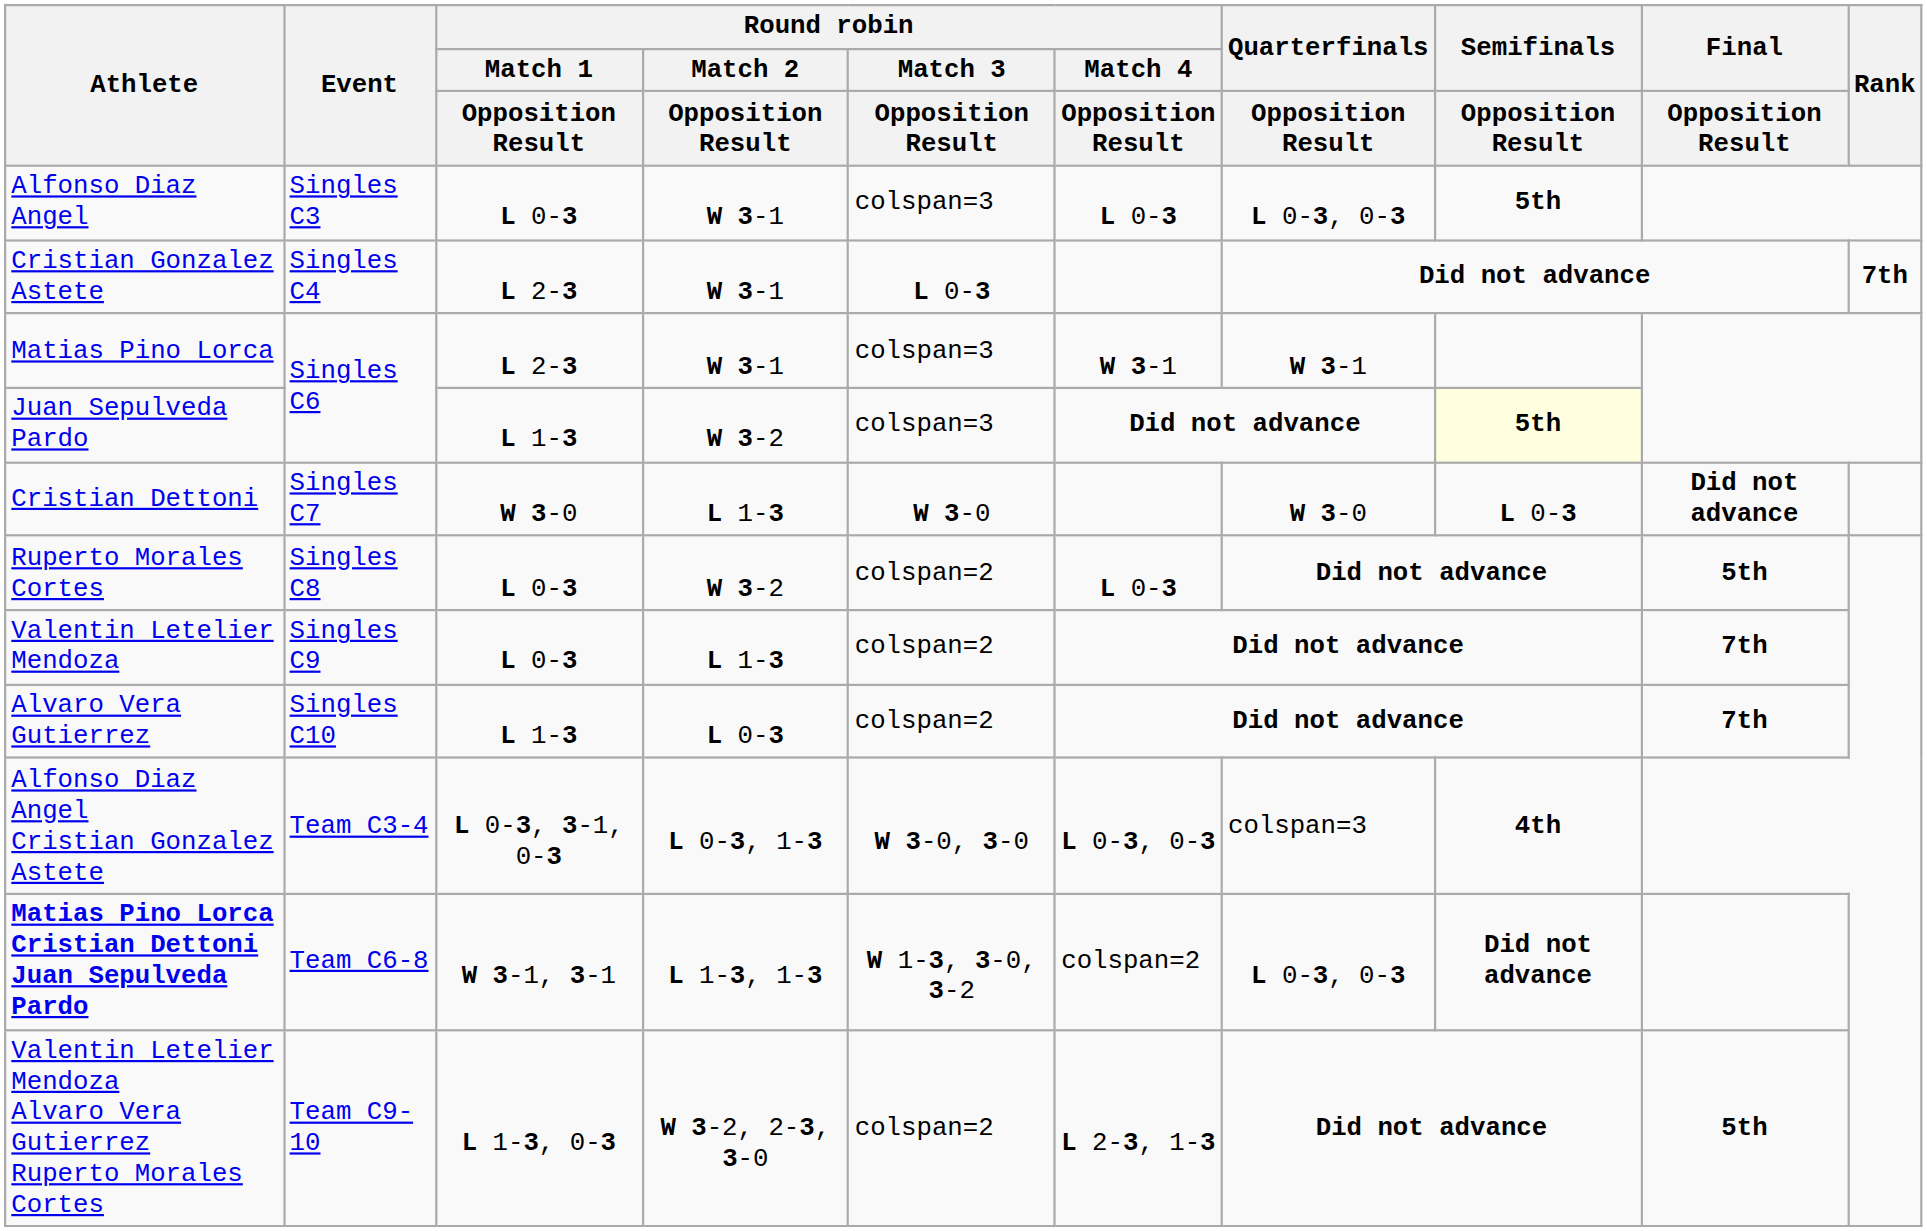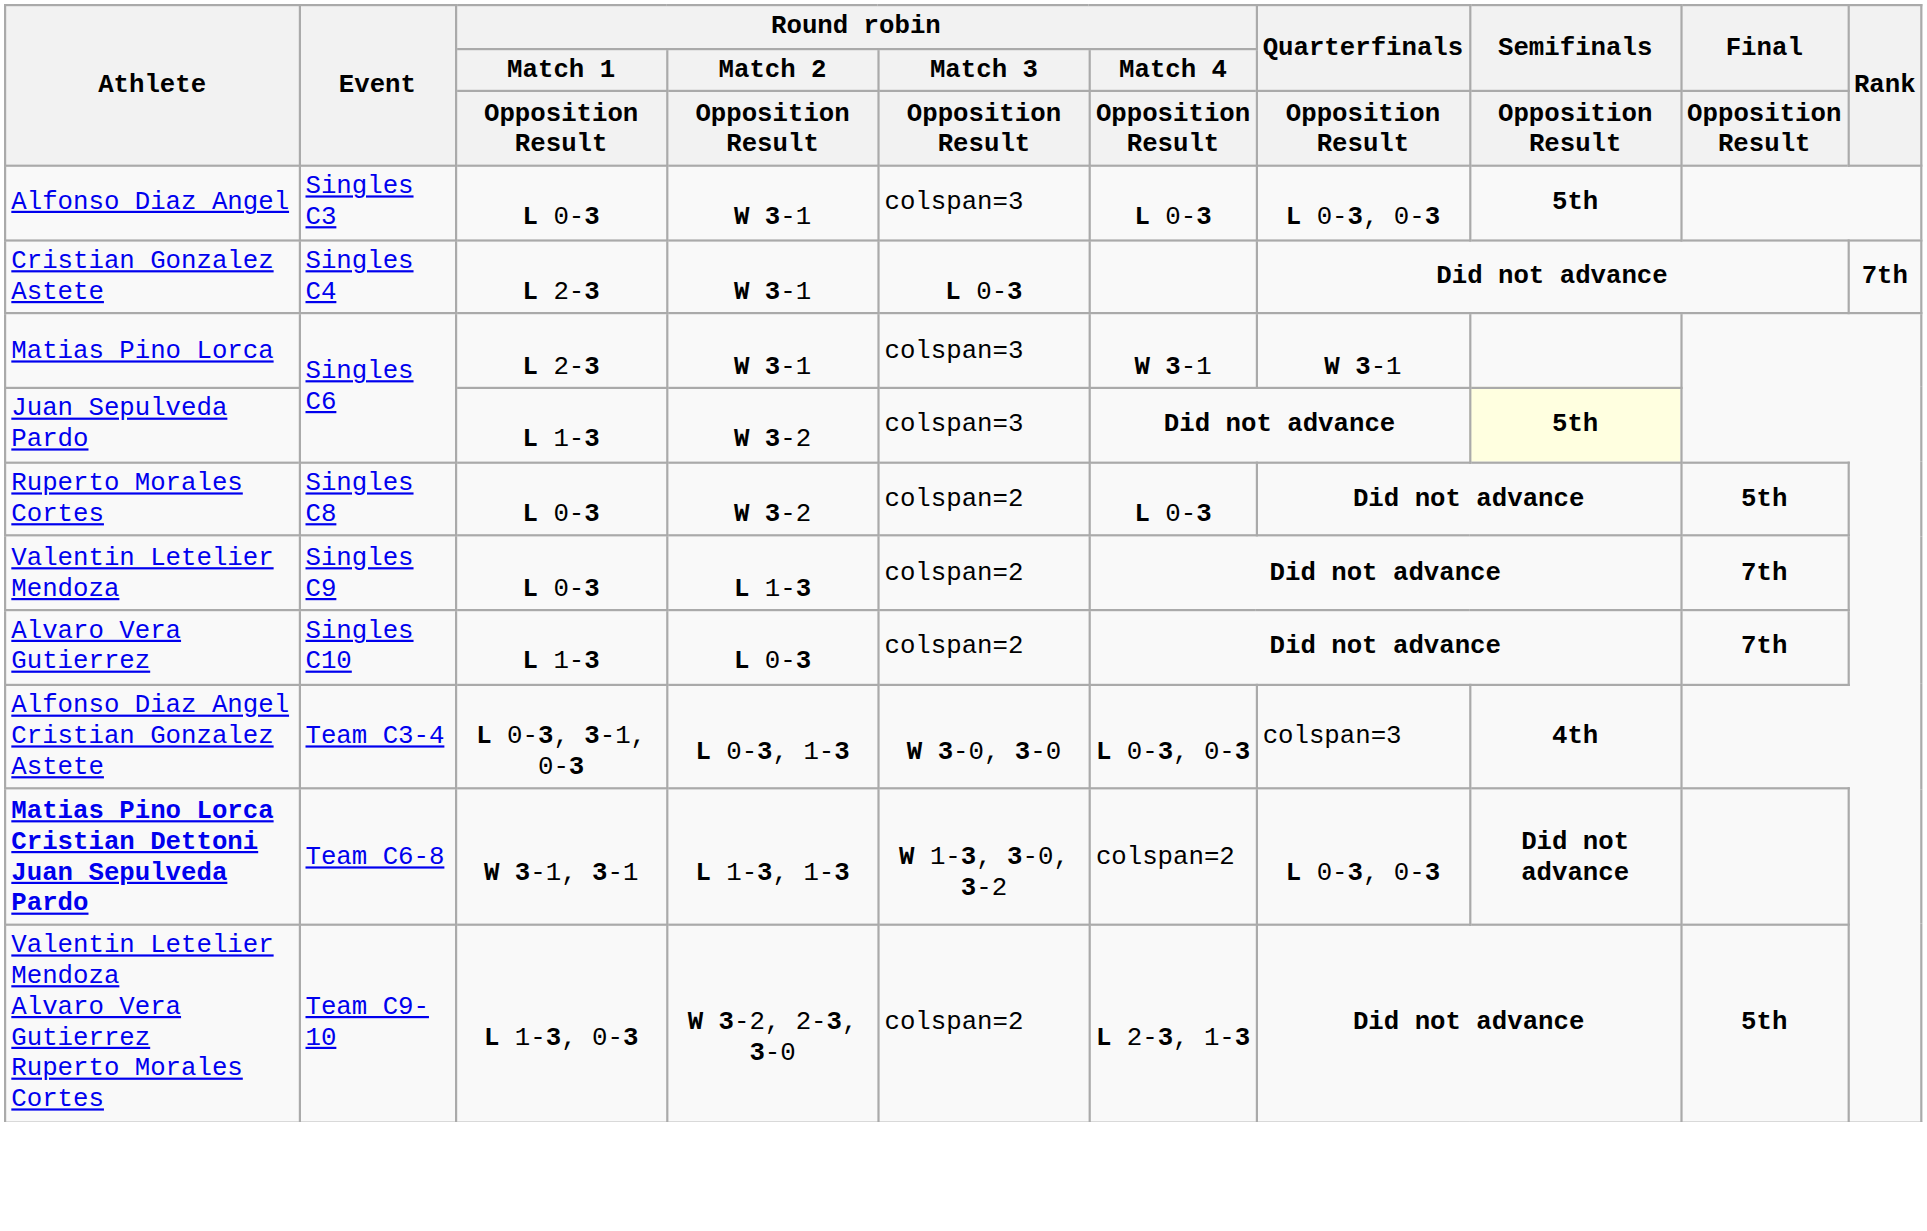 <table class="wikitable" border="1" style="font-size:90%">
 <tr>
 <th rowspan=3>Athlete</th>
 <th rowspan=3>Event</th>
 <th colspan=4>Round robin</th>
 <th rowspan=2>Quarterfinals</th>
 <th rowspan=2>Semifinals</th>
 <th rowspan=2>Final</th>
 <th rowspan=3>Rank</th>
 </tr>
 <tr>
 <th>Match 1</th>
 <th>Match 2</th>
 <th>Match 3</th>
 <th>Match 4</th>
 </tr>
 <tr>
 <th>Opposition<br>Result</th>
 <th>Opposition<br>Result</th>
 <th>Opposition<br>Result</th>
 <th>Opposition<br>Result</th>
 <th>Opposition<br>Result</th>
 <th>Opposition<br>Result</th>
 <th>Opposition<br>Result</th>
 </tr>
 <tr>
 <td><a href='#'>Alfonso Diaz Angel</a></td>
 <td><a href='#'>Singles C3</a></td>
 <td align=center><br><strong>L</strong> 0-<strong>3</strong></td>
 <td align=center><br><strong>W</strong> <strong>3</strong>-1</td>
 <td>colspan=3 </td>
 <td align=center><br><strong>L</strong> 0-<strong>3</strong></td>
 <td align=center><br><strong>L</strong> 0-<strong>3</strong>, 0-<strong>3</strong></td>
 <td align=center><strong>5th</strong></td>
 </tr>
 <tr>
 <td><a href='#'>Cristian Gonzalez Astete</a></td>
 <td><a href='#'>Singles C4</a></td>
 <td align=center><br><strong>L</strong> 2-<strong>3</strong></td>
 <td align=center><br><strong>W</strong> <strong>3</strong>-1</td>
 <td align=center><br><strong>L</strong> 0-<strong>3</strong></td>
 <td></td>
 <td align=center colspan=3><strong>Did not advance</strong></td>
 <td align=center><strong>7th</strong></td>
 </tr>
 <tr>
 <td><a href='#'>Matias Pino Lorca</a></td>
 <td rowspan=2><a href='#'>Singles C6</a></td>
 <td align=center><br><strong>L</strong> 2-<strong>3</strong></td>
 <td align=center><br><strong>W</strong> <strong>3</strong>-1</td>
 <td>colspan=3 </td>
 <td align=center><br><strong>W</strong> <strong>3</strong>-1</td>
 <td align=center><br><strong>W</strong> <strong>3</strong>-1</td>
 <td align=center></td>
 </tr>
 <tr>
 <td><a href='#'>Juan Sepulveda Pardo</a></td>
 <td align=center><br><strong>L</strong> 1-<strong>3</strong></td>
 <td align=center><br><strong>W</strong> <strong>3</strong>-2</td>
 <td>colspan=3 </td>
 <td align=center colspan=2><strong>Did not advance</strong></td>
 <td align=center style="background: lightyellow;"><strong>5th</strong></td>
 </tr>
 <tr>
-<td><a href='#'>Cristian Dettoni</a></td>
-<td><a href='#'>Singles C7</a></td>
-<td align=center><br><strong>W</strong> <strong>3</strong>-0</td>
-<td align=center><br><strong>L</strong> 1-<strong>3</strong></td>
-<td align=center><br><strong>W</strong> <strong>3</strong>-0</td>
-<td></td>
-<td align=center><br><strong>W</strong> <strong>3</strong>-0</td>
-<td align=center><br><strong>L</strong> 0-<strong>3</strong></td>
-<td align=center><strong>Did not advance</strong></td>
-<td align=center></td>
-</tr>
-<tr>
 <td><a href='#'>Ruperto Morales Cortes</a></td>
 <td><a href='#'>Singles C8</a></td>
 <td align=center><br><strong>L</strong> 0-<strong>3</strong></td>
 <td align=center><br><strong>W</strong> <strong>3</strong>-2</td>
 <td>colspan=2 </td>
 <td align=center><br><strong>L</strong> 0-<strong>3</strong></td>
 <td align=center colspan=2><strong>Did not advance</strong></td>
 <td align=center><strong>5th</strong></td>
 </tr>
 <tr>
 <td><a href='#'>Valentin Letelier Mendoza</a></td>
 <td><a href='#'>Singles C9</a></td>
 <td align=center><br><strong>L</strong> 0-<strong>3</strong></td>
 <td align=center><br><strong>L</strong> 1-<strong>3</strong></td>
 <td>colspan=2 </td>
 <td align=center colspan=3><strong>Did not advance</strong></td>
 <td align=center><strong>7th</strong></td>
 </tr>
 <tr>
 <td><a href='#'>Alvaro Vera Gutierrez</a></td>
 <td><a href='#'>Singles C10</a></td>
 <td align=center><br><strong>L</strong> 1-<strong>3</strong></td>
 <td align=center><br><strong>L</strong> 0-<strong>3</strong></td>
 <td>colspan=2 </td>
 <td align=center colspan=3><strong>Did not advance</strong></td>
 <td align=center><strong>7th</strong></td>
 </tr>
 <tr>
 <td><a href='#'>Alfonso Diaz Angel</a><br><a href='#'>Cristian Gonzalez Astete</a></td>
 <td><a href='#'>Team C3-4</a></td>
 <td align=center><br><strong>L</strong> 0-<strong>3</strong>, <strong>3</strong>-1, 0-<strong>3</strong></td>
 <td align=center><br><strong>L</strong> 0-<strong>3</strong>, 1-<strong>3</strong></td>
 <td align=center><br><strong>W</strong> <strong>3</strong>-0, <strong>3</strong>-0</td>
 <td align=center><br><strong>L</strong> 0-<strong>3</strong>, 0-<strong>3</strong></td>
 <td>colspan=3 </td>
 <td align=center><strong>4th</strong></td>
 </tr>
 <tr>
 <td><strong><a href='#'>Matias Pino Lorca</a><br><a href='#'>Cristian Dettoni</a><br><a href='#'>Juan Sepulveda Pardo</a></strong></td>
 <td><a href='#'>Team C6-8</a></td>
 <td align=center><br><strong>W</strong> <strong>3</strong>-1, <strong>3</strong>-1</td>
 <td align=center><br><strong>L</strong> 1-<strong>3</strong>, 1-<strong>3</strong></td>
 <td align=center><br><strong>W</strong> 1-<strong>3</strong>, <strong>3</strong>-0, <strong>3</strong>-2</td>
 <td>colspan=2 </td>
 <td align=center><br><strong>L</strong> 0-<strong>3</strong>, 0-<strong>3</strong></td>
 <td align=center><strong>Did not advance</strong></td>
 <td align=center></td>
 </tr>
 <tr>
 <td><a href='#'>Valentin Letelier Mendoza</a><br><a href='#'>Alvaro Vera Gutierrez</a><br><a href='#'>Ruperto Morales Cortes</a></td>
 <td><a href='#'>Team C9-10</a></td>
 <td align=center><br><strong>L</strong> 1-<strong>3</strong>, 0-<strong>3</strong></td>
 <td align=center><br><strong>W</strong> <strong>3</strong>-2, 2-<strong>3</strong>, <strong>3</strong>-0</td>
 <td>colspan=2 </td>
 <td align=center><br><strong>L</strong> 2-<strong>3</strong>, 1-<strong>3</strong></td>
 <td align=center colspan=2><strong>Did not advance</strong></td>
 <td align=center><strong>5th</strong></td>
 </tr>
 </table>
